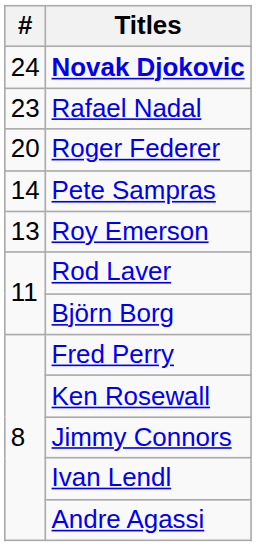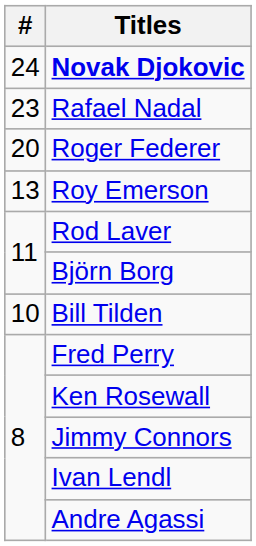 <table class=wikitable style="display:inline-table;">
 <tr>
 <th>#</th>
 <th>Titles</th>
 </tr>
 <tr>
 <td>24</td>
 <td> <strong><a href='#'>Novak Djokovic</a></strong></td>
 </tr>
 <tr>
 <td>23</td>
 <td> <a href='#'>Rafael Nadal</a></td>
 </tr>
 <tr>
 <td>20</td>
 <td> <a href='#'>Roger Federer</a></td>
 </tr>
 <tr>
-<td>14</td>
-<td> <a href='#'>Pete Sampras</a></td>
-</tr>
-<tr>
 <td>13</td>
 <td> <a href='#'>Roy Emerson</a></td>
 </tr>
 <tr>
 <td rowspan="2">11</td>
 <td> <a href='#'>Rod Laver</a></td>
 </tr>
 <tr>
 <td> <a href='#'>Björn Borg</a></td>
+</tr>
+<tr>
+<td>10</td>
+<td> <a href='#'>Bill Tilden</a></td>
 </tr>
 <tr>
 <td rowspan="5">8</td>
 <td> <a href='#'>Fred Perry</a></td>
 </tr>
 <tr>
 <td> <a href='#'>Ken Rosewall</a></td>
 </tr>
 <tr>
 <td> <a href='#'>Jimmy Connors</a></td>
 </tr>
 <tr>
 <td> <a href='#'>Ivan Lendl</a></td>
 </tr>
 <tr>
 <td> <a href='#'>Andre Agassi</a></td>
 </tr>
 </table>
